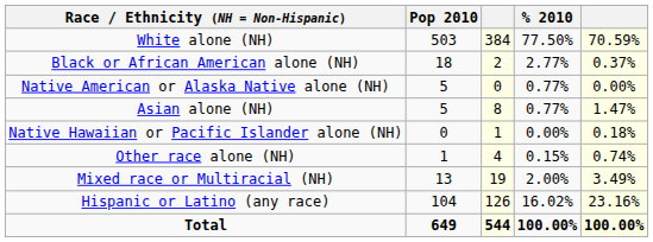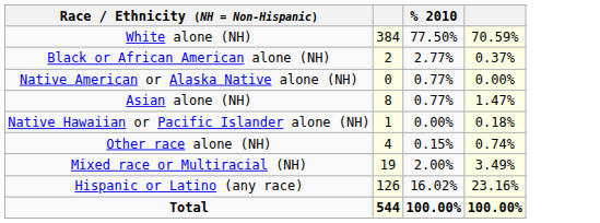 <table class="wikitable" style="text-align:center;">
 <tr>
 <th>Race / Ethnicity <small>(<em>NH = Non-Hispanic</em>)</small></th>
-<th>Pop 2010</th>
 <th></th>
 <th>% 2010</th>
 <th></th>
 </tr>
 <tr>
 <td><a href='#'>White</a> alone (NH)</td>
-<td>503</td>
 <td style='background: #ffffe6;'>384</td>
 <td>77.50%</td>
 <td style='background: #ffffe6;'>70.59%</td>
 </tr>
 <tr>
 <td><a href='#'>Black or African American</a> alone (NH)</td>
-<td>18</td>
 <td style='background: #ffffe6;'>2</td>
 <td>2.77%</td>
 <td style='background: #ffffe6;'>0.37%</td>
 </tr>
 <tr>
 <td><a href='#'>Native American</a> or <a href='#'>Alaska Native</a> alone (NH)</td>
-<td>5</td>
 <td style='background: #ffffe6;'>0</td>
 <td>0.77%</td>
 <td style='background: #ffffe6;'>0.00%</td>
 </tr>
 <tr>
 <td><a href='#'>Asian</a> alone (NH)</td>
-<td>5</td>
 <td style='background: #ffffe6;'>8</td>
 <td>0.77%</td>
 <td style='background: #ffffe6;'>1.47%</td>
 </tr>
 <tr>
 <td><a href='#'>Native Hawaiian</a> or <a href='#'>Pacific Islander</a> alone (NH)</td>
-<td>0</td>
 <td style='background: #ffffe6;'>1</td>
 <td>0.00%</td>
 <td style='background: #ffffe6;'>0.18%</td>
 </tr>
 <tr>
 <td><a href='#'>Other race</a> alone (NH)</td>
-<td>1</td>
 <td style='background: #ffffe6;'>4</td>
 <td>0.15%</td>
 <td style='background: #ffffe6;'>0.74%</td>
 </tr>
 <tr>
 <td><a href='#'>Mixed race or Multiracial</a> (NH)</td>
-<td>13</td>
 <td style='background: #ffffe6;'>19</td>
 <td>2.00%</td>
 <td style='background: #ffffe6;'>3.49%</td>
 </tr>
 <tr>
 <td><a href='#'>Hispanic or Latino</a> (any race)</td>
-<td>104</td>
 <td style='background: #ffffe6;'>126</td>
 <td>16.02%</td>
 <td style='background: #ffffe6;'>23.16%</td>
 </tr>
 <tr>
 <td><strong>Total</strong></td>
-<td><strong>649</strong></td>
 <td style='background: #ffffe6;'><strong>544</strong></td>
 <td><strong>100.00%</strong></td>
 <td style='background: #ffffe6;'><strong>100.00%</strong></td>
 </tr>
 </table>
